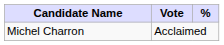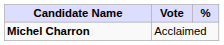 <table class="wikitable sortable">
 <tr>
 <th style="background:#ddf; width:200px;">Candidate Name</th>
 <th style="background:#ddf; width:50px;">Vote</th>
 <th style="background:#ddf; width:30px;">%</th>
 </tr>
 <tr>
-<td>Michel Charron</td>
+<td><strong>Michel Charron</strong></td>
 <td colspan="3">Acclaimed</td>
 </tr>
 </table>
